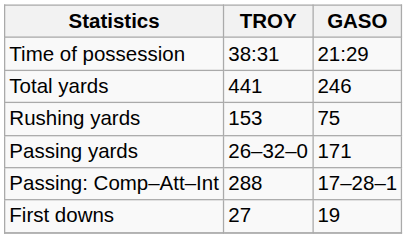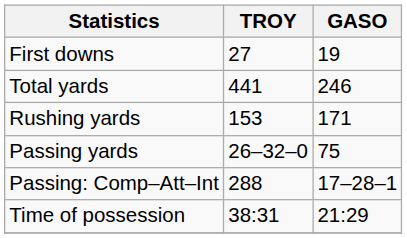 <table class="wikitable" style="float: left;">
 <tr>
 <th>Statistics</th>
 <th>TROY</th>
 <th>GASO</th>
 </tr>
 <tr>
-<td>Time of possession</td>
-<td>38:31</td>
-<td>21:29</td>
+<td>First downs</td>
+<td>27</td>
+<td>19</td>
 </tr>
 <tr>
 <td>Total yards</td>
 <td>441</td>
 <td>246</td>
 </tr>
 <tr>
 <td>Rushing yards</td>
 <td>153</td>
-<td>75</td>
+<td>171</td>
 </tr>
 <tr>
 <td>Passing yards</td>
 <td>26–32–0</td>
-<td>171</td>
+<td>75</td>
 </tr>
 <tr>
 <td>Passing: Comp–Att–Int</td>
 <td>288</td>
 <td>17–28–1</td>
 </tr>
 <tr>
-<td>First downs</td>
-<td>27</td>
-<td>19</td>
+<td>Time of possession</td>
+<td>38:31</td>
+<td>21:29</td>
 </tr>
 <tr>
 </tr>
 </table>
